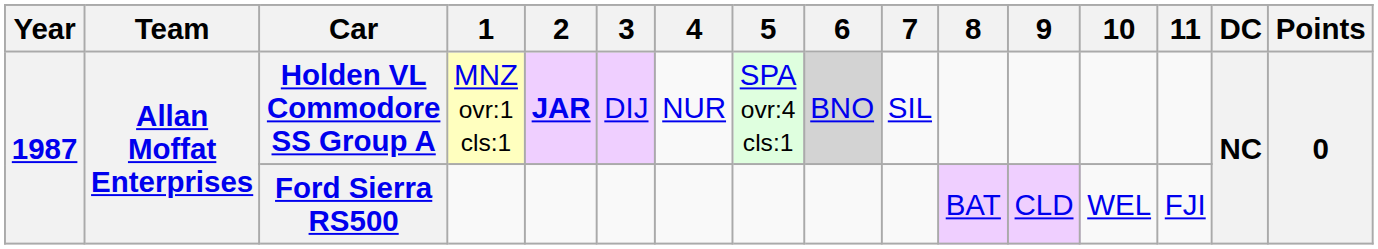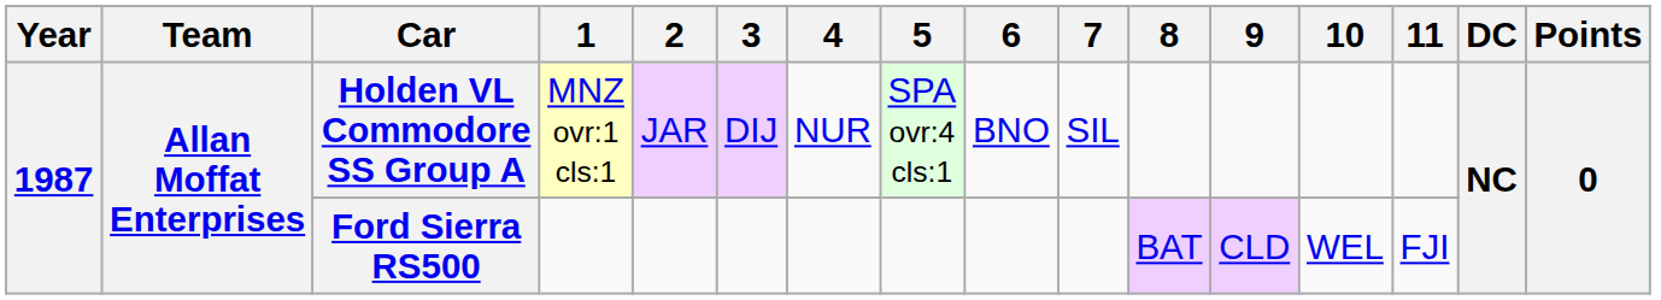 <table class="wikitable" style="text-align:center; font-size:95%">
 <tr>
 <th>Year</th>
 <th>Team</th>
 <th>Car</th>
 <th>1</th>
 <th>2</th>
 <th>3</th>
 <th>4</th>
 <th>5</th>
 <th>6</th>
 <th>7</th>
 <th>8</th>
 <th>9</th>
 <th>10</th>
 <th>11</th>
 <th>DC</th>
 <th>Points</th>
 </tr>
 <tr>
 <th rowspan=2><a href='#'>1987</a></th>
 <th rowspan=2> <a href='#'>Allan Moffat Enterprises</a></th>
 <th><a href='#'>Holden VL Commodore SS Group A</a></th>
 <td style="background:#ffffbf;"><a href='#'>MNZ</a><br><small>ovr:1<br>cls:1<br></small></td>
-<td style="background:#efcfff;"><strong><a href='#'>JAR</a><br></strong></td>
+<td style="background:#efcfff;"><a href='#'>JAR</a><br></td>
 <td style="background:#efcfff;"><a href='#'>DIJ</a><br></td>
 <td><a href='#'>NUR</a></td>
 <td style="background:#dfffdf;"><a href='#'>SPA</a><br><small>ovr:4<br>cls:1<br></small></td>
-<td style="background: lightgrey;"><a href='#'>BNO</a></td>
+<td><a href='#'>BNO</a></td>
 <td><a href='#'>SIL</a></td>
 <td></td>
 <td></td>
 <td></td>
 <td></td>
 <th rowspan=2>NC</th>
 <th rowspan=2>0</th>
 </tr>
 <tr>
 <th><a href='#'>Ford Sierra RS500</a></th>
 <td></td>
 <td></td>
 <td></td>
 <td></td>
 <td></td>
 <td></td>
 <td></td>
 <td style="background:#EFCFFF;"><a href='#'>BAT</a><br></td>
 <td style="background:#EFCFFF;"><a href='#'>CLD</a><br></td>
 <td><a href='#'>WEL</a></td>
 <td><a href='#'>FJI</a></td>
 </tr>
 </table>
